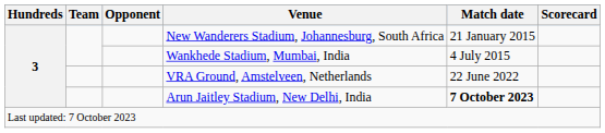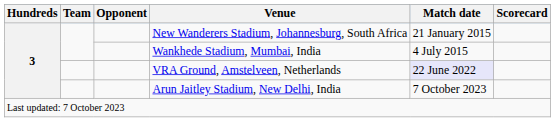 <table class="wikitable plainrowheaders sortable">
 <tr style="background:#9cf;">
 <th>Hundreds</th>
 <th>Team</th>
 <th>Opponent</th>
 <th>Venue</th>
 <th>Match date</th>
 <th>Scorecard</th>
 </tr>
 <tr>
 <th rowspan=4>3</th>
 <td rowspan=2></td>
 <td></td>
 <td><a href='#'>New Wanderers Stadium</a>, <a href='#'>Johannesburg</a>, South Africa</td>
 <td>21 January 2015</td>
 <td></td>
 </tr>
 <tr>
 <td></td>
 <td><a href='#'>Wankhede Stadium</a>, <a href='#'>Mumbai</a>, India</td>
 <td>4 July 2015</td>
 <td></td>
 </tr>
 <tr>
 <td></td>
 <td></td>
 <td><a href='#'>VRA Ground</a>, <a href='#'>Amstelveen</a>, Netherlands</td>
-<td>22 June 2022</td>
+<td style="background: lavender;">22 June 2022</td>
 <td></td>
 </tr>
 <tr>
 <td></td>
 <td></td>
 <td><a href='#'>Arun Jaitley Stadium</a>, <a href='#'>New Delhi</a>, India</td>
-<td><strong>7 October 2023</strong></td>
+<td>7 October 2023</td>
 <td></td>
 </tr>
 <tr class=sortbottom>
 <td colspan=6><small>Last updated: 7 October 2023</small></td>
 </tr>
 </table>
